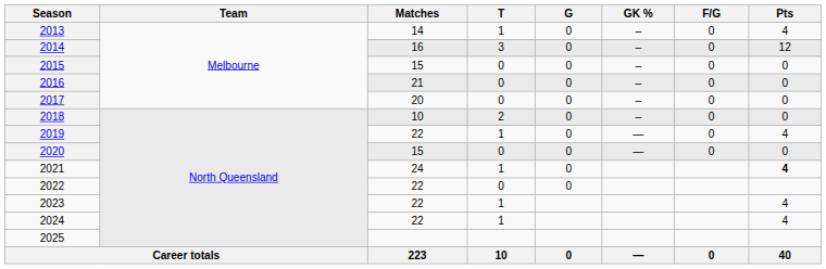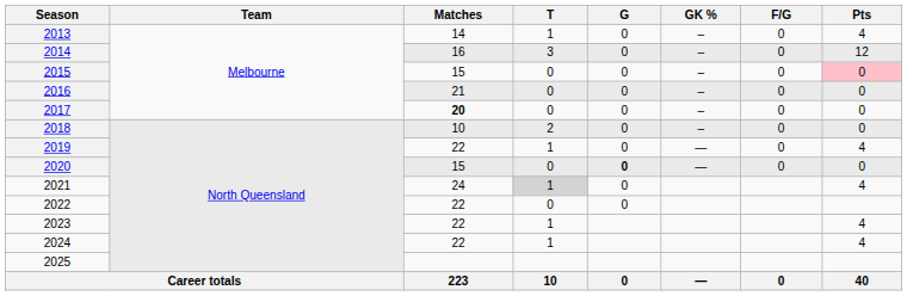 <table class="wikitable sortable"  style="font-size:90%; text-align:center; width:85%;">
 <tr>
 <th width=2%>Season</th>
 <th width=8%>Team</th>
 <th width=2%>Matches</th>
 <th width=2%>T</th>
 <th width=2%>G</th>
 <th width=2%>GK %</th>
 <th width=2%>F/G</th>
 <th width=2%>Pts</th>
 </tr>
 <tr>
 <th scope="row" style="text-align:center; font-weight:normal"><a href='#'>2013</a></th>
 <td rowspan="5" style="text-align:center;"> <a href='#'>Melbourne</a></td>
 <td>14</td>
 <td>1</td>
 <td>0</td>
 <td>–</td>
 <td>0</td>
 <td>4</td>
 </tr>
 <tr style="background:#eaeaea;">
 <th scope="row" style="text-align:center; font-weight:normal"><a href='#'>2014</a></th>
 <td>16</td>
 <td>3</td>
 <td>0</td>
 <td>–</td>
 <td>0</td>
 <td>12</td>
 </tr>
 <tr>
 <th scope="row" style="text-align:center; font-weight:normal"><a href='#'>2015</a></th>
 <td>15</td>
 <td>0</td>
 <td>0</td>
 <td>–</td>
 <td>0</td>
-<td>0</td>
+<td style="background: pink;">0</td>
 </tr>
 <tr style="background:#eaeaea;">
 <th scope="row" style="text-align:center; font-weight:normal"><a href='#'>2016</a></th>
 <td>21</td>
 <td>0</td>
 <td>0</td>
 <td>–</td>
 <td>0</td>
 <td>0</td>
 </tr>
 <tr>
 <th scope="row" style="text-align:center; font-weight:normal"><a href='#'>2017</a></th>
-<td>20</td>
+<td><strong>20</strong></td>
 <td>0</td>
 <td>0</td>
 <td>–</td>
 <td>0</td>
 <td>0</td>
 </tr>
 <tr style="background:#eaeaea;">
 <th scope="row" style="text-align:center; font-weight:normal"><a href='#'>2018</a></th>
 <td rowspan="8" style="text-align:center;"> <a href='#'>North Queensland</a></td>
 <td>10</td>
 <td>2</td>
 <td>0</td>
 <td>–</td>
 <td>0</td>
 <td>0</td>
 </tr>
 <tr>
 <th scope="row" style="text-align:center; font-weight:normal"><a href='#'>2019</a></th>
 <td>22</td>
 <td>1</td>
 <td>0</td>
 <td>—</td>
 <td>0</td>
 <td>4</td>
 </tr>
 <tr style="background:#eaeaea;">
 <th scope="row" style="text-align:center; font-weight:normal"><a href='#'>2020</a></th>
 <td>15</td>
 <td>0</td>
-<td>0</td>
+<td><strong>0</strong></td>
 <td>—</td>
 <td>0</td>
 <td>0</td>
 </tr>
 <tr>
 <td>2021</td>
 <td>24</td>
-<td>1</td>
+<td style="background: lightgrey;">1</td>
 <td>0</td>
 <td></td>
 <td></td>
-<td><strong>4</strong></td>
+<td>4</td>
 </tr>
 <tr>
 <td>2022</td>
 <td>22</td>
 <td>0</td>
 <td>0</td>
 <td></td>
 <td></td>
 <td></td>
 </tr>
 <tr>
 <td>2023</td>
 <td>22</td>
 <td>1</td>
 <td></td>
 <td></td>
 <td></td>
 <td>4</td>
 </tr>
 <tr>
 <td>2024</td>
 <td>22</td>
 <td>1</td>
 <td></td>
 <td></td>
 <td></td>
 <td>4</td>
 </tr>
 <tr>
 <td>2025</td>
 <td></td>
 <td></td>
 <td></td>
 <td></td>
 <td></td>
 <td></td>
 </tr>
 <tr class="sortbottom">
 <th colspan="2">Career totals</th>
 <th>223</th>
 <th>10</th>
 <th>0</th>
 <th>—</th>
 <th>0</th>
 <th>40</th>
 </tr>
 </table>
